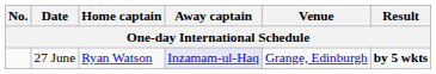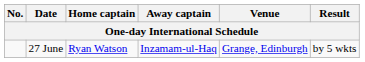 <table class="wikitable">
 <tr style="background:#efefef;">
 <th>No.</th>
 <th>Date</th>
 <th>Home captain</th>
 <th>Away captain</th>
 <th>Venue</th>
 <th>Result</th>
 </tr>
 <tr>
 <th colspan="6">One-day International Schedule</th>
 </tr>
 <tr>
 <td></td>
 <td>27 June</td>
 <td><a href='#'>Ryan Watson</a></td>
-<td style="background: lavender;"><a href='#'>Inzamam-ul-Haq</a></td>
+<td><a href='#'>Inzamam-ul-Haq</a></td>
 <td><a href='#'>Grange, Edinburgh</a></td>
-<td><strong> by 5 wkts</strong></td>
+<td> by 5 wkts</td>
 </tr>
 </table>
